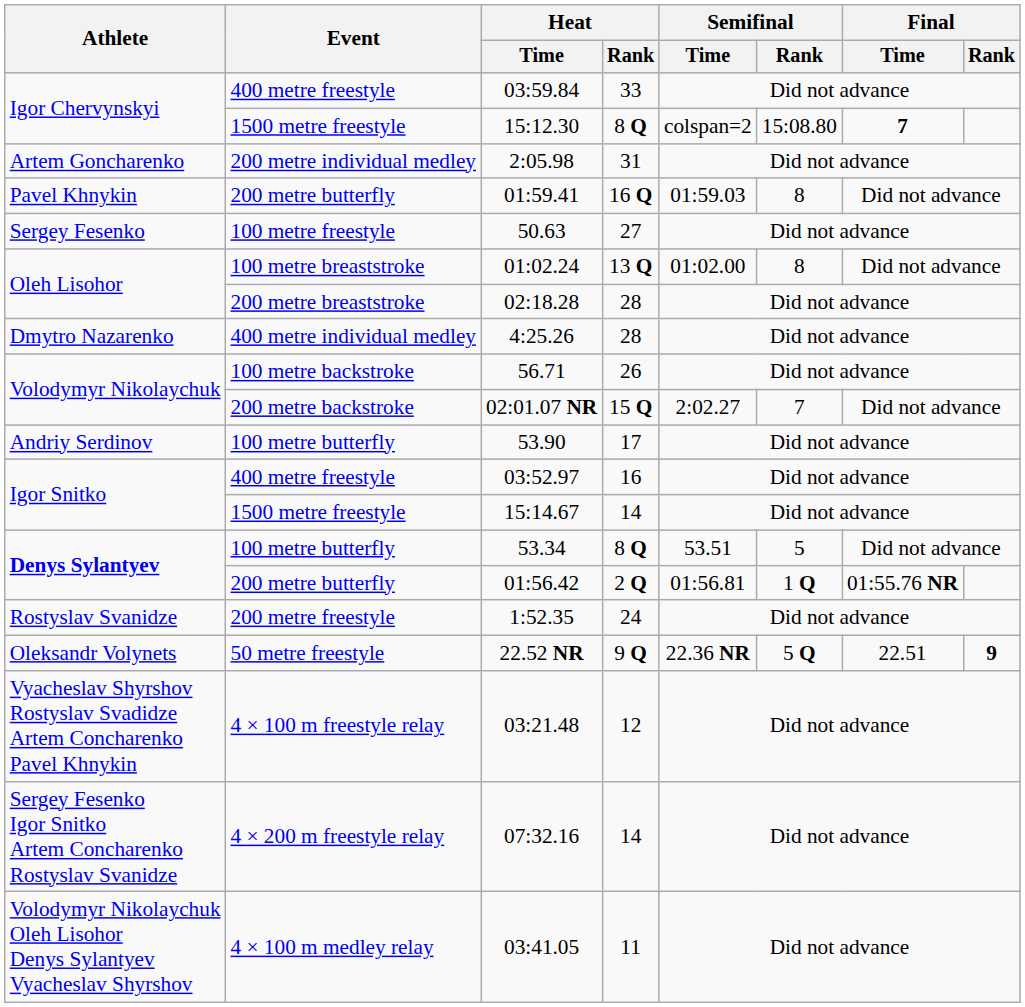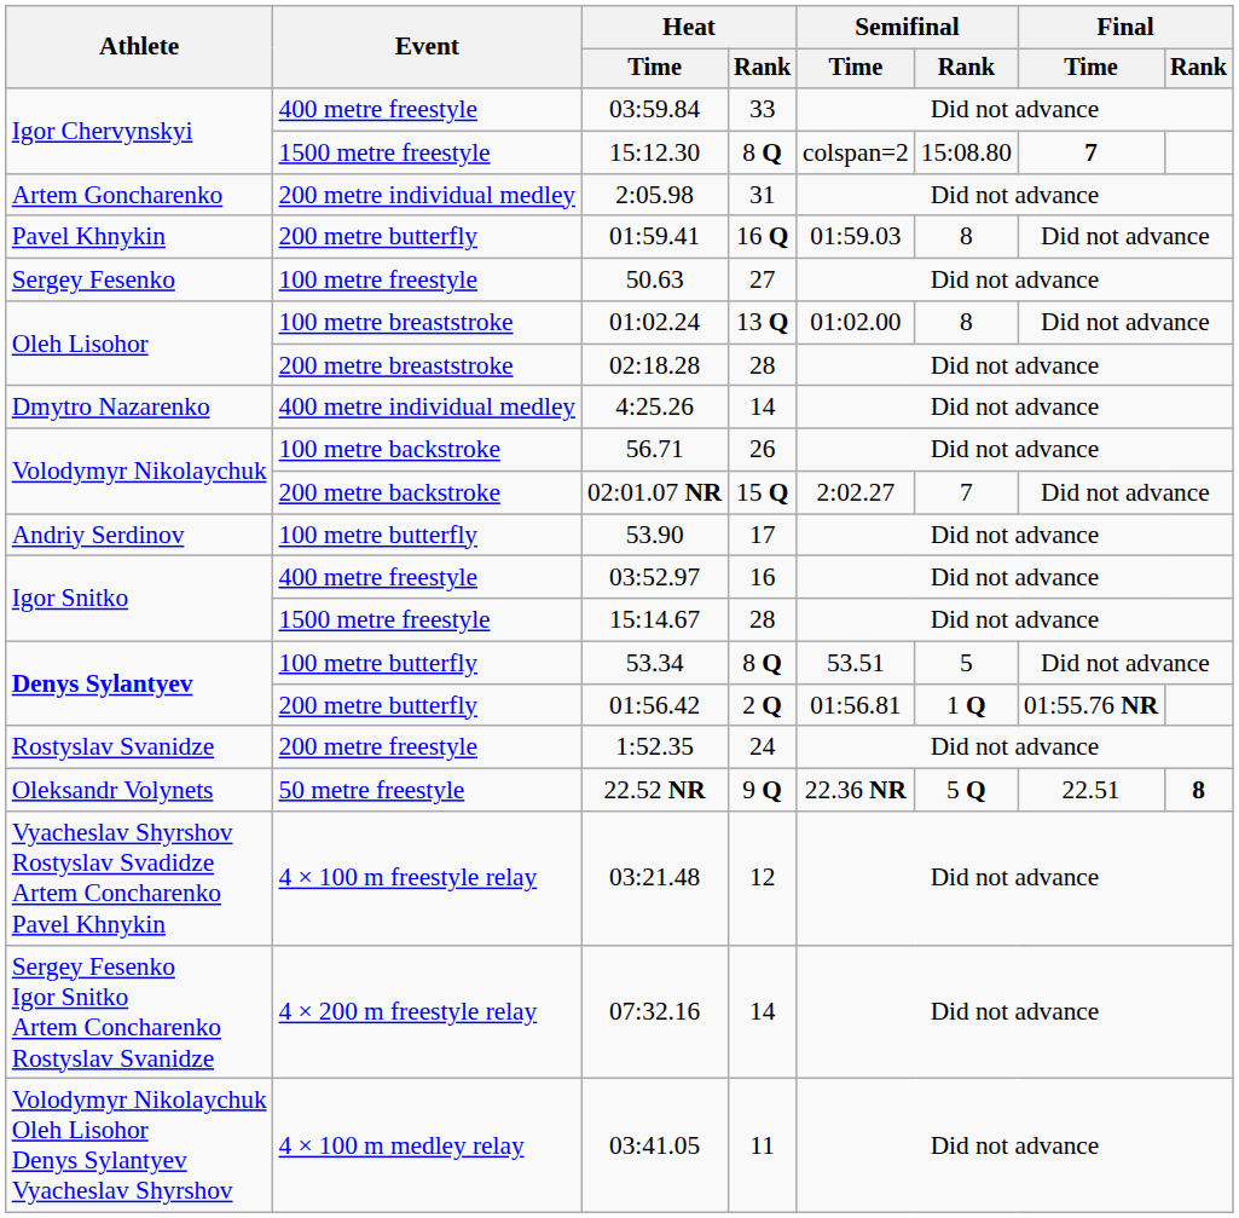 <table class=wikitable style="font-size:90%">
 <tr>
 <th rowspan="2">Athlete</th>
 <th rowspan="2">Event</th>
 <th colspan="2">Heat</th>
 <th colspan="2">Semifinal</th>
 <th colspan="2">Final</th>
 </tr>
 <tr style="font-size:95%">
 <th>Time</th>
 <th>Rank</th>
 <th>Time</th>
 <th>Rank</th>
 <th>Time</th>
 <th>Rank</th>
 </tr>
 <tr align=center>
 <td align=left rowspan=2><a href='#'>Igor Chervynskyi</a></td>
 <td align=left><a href='#'>400 metre freestyle</a></td>
 <td>03:59.84</td>
 <td>33</td>
 <td colspan=4>Did not advance</td>
 </tr>
 <tr align=center>
 <td align=left><a href='#'>1500 metre freestyle</a></td>
 <td>15:12.30</td>
 <td>8 <strong>Q</strong></td>
 <td>colspan=2 </td>
 <td>15:08.80</td>
 <td><strong>7</strong></td>
 </tr>
 <tr align=center>
 <td align=left><a href='#'>Artem Goncharenko</a></td>
 <td align=left><a href='#'>200 metre individual medley</a></td>
 <td>2:05.98</td>
 <td>31</td>
 <td colspan=4>Did not advance</td>
 </tr>
 <tr align=center>
 <td align=left><a href='#'>Pavel Khnykin</a></td>
 <td align=left><a href='#'>200 metre butterfly</a></td>
 <td>01:59.41</td>
 <td>16 <strong>Q</strong></td>
 <td>01:59.03</td>
 <td>8</td>
 <td colspan=2>Did not advance</td>
 </tr>
 <tr align=center>
 <td align=left><a href='#'>Sergey Fesenko</a></td>
 <td align=left><a href='#'>100 metre freestyle</a></td>
 <td>50.63</td>
 <td>27</td>
 <td colspan=4>Did not advance</td>
 </tr>
 <tr align=center>
 <td align=left rowspan=2><a href='#'>Oleh Lisohor</a></td>
 <td align=left><a href='#'>100 metre breaststroke</a></td>
 <td>01:02.24</td>
 <td>13 <strong>Q</strong></td>
 <td>01:02.00</td>
 <td>8</td>
 <td colspan=2>Did not advance</td>
 </tr>
 <tr align=center>
 <td align=left><a href='#'>200 metre breaststroke</a></td>
 <td>02:18.28</td>
 <td>28</td>
 <td colspan=4>Did not advance</td>
 </tr>
 <tr align=center>
 <td align=left><a href='#'>Dmytro Nazarenko</a></td>
 <td align=left><a href='#'>400 metre individual medley</a></td>
 <td>4:25.26</td>
-<td>28</td>
+<td>14</td>
 <td colspan=4>Did not advance</td>
 </tr>
 <tr align=center>
 <td align=left rowspan=2><a href='#'>Volodymyr Nikolaychuk</a></td>
 <td align=left><a href='#'>100 metre backstroke</a></td>
 <td>56.71</td>
 <td>26</td>
 <td colspan=4>Did not advance</td>
 </tr>
 <tr align=center>
 <td align=left><a href='#'>200 metre backstroke</a></td>
 <td>02:01.07 <strong>NR</strong></td>
 <td>15 <strong>Q</strong></td>
 <td>2:02.27</td>
 <td>7</td>
 <td colspan=4>Did not advance</td>
 </tr>
 <tr align=center>
 <td align=left><a href='#'>Andriy Serdinov</a></td>
 <td align=left><a href='#'>100 metre butterfly</a></td>
 <td>53.90</td>
 <td>17</td>
 <td colspan=4>Did not advance</td>
 </tr>
 <tr align=center>
 <td align=left rowspan=2><a href='#'>Igor Snitko</a></td>
 <td align=left><a href='#'>400 metre freestyle</a></td>
 <td>03:52.97</td>
 <td>16</td>
 <td colspan=4>Did not advance</td>
 </tr>
 <tr align=center>
 <td align=left><a href='#'>1500 metre freestyle</a></td>
 <td>15:14.67</td>
-<td>14</td>
+<td>28</td>
 <td colspan=4>Did not advance</td>
 </tr>
 <tr align=center>
 <td align=left rowspan=2><strong><a href='#'>Denys Sylantyev</a></strong></td>
 <td align=left><a href='#'>100 metre butterfly</a></td>
 <td>53.34</td>
 <td>8 <strong>Q</strong></td>
 <td>53.51</td>
 <td>5</td>
 <td colspan=2>Did not advance</td>
 </tr>
 <tr align=center>
 <td align=left><a href='#'>200 metre butterfly</a></td>
 <td>01:56.42</td>
 <td>2 <strong>Q</strong></td>
 <td>01:56.81</td>
 <td>1 <strong>Q</strong></td>
 <td>01:55.76 <strong>NR</strong></td>
 <td></td>
 </tr>
 <tr align=center>
 <td align=left><a href='#'>Rostyslav Svanidze</a></td>
 <td align=left><a href='#'>200 metre freestyle</a></td>
 <td>1:52.35</td>
 <td>24</td>
 <td colspan=4>Did not advance</td>
 </tr>
 <tr align=center>
 <td align=left><a href='#'>Oleksandr Volynets</a></td>
 <td align=left><a href='#'>50 metre freestyle</a></td>
 <td>22.52 <strong>NR</strong></td>
 <td>9 <strong>Q</strong></td>
 <td>22.36 <strong>NR</strong></td>
 <td>5 <strong>Q</strong></td>
 <td>22.51</td>
-<td><strong>9</strong></td>
+<td><strong>8</strong></td>
 </tr>
 <tr align=center>
 <td align=left><a href='#'>Vyacheslav Shyrshov</a><br><a href='#'>Rostyslav Svadidze</a><br><a href='#'>Artem Concharenko</a><br><a href='#'>Pavel Khnykin</a></td>
 <td align=left><a href='#'>4 × 100 m freestyle relay</a></td>
 <td>03:21.48</td>
 <td>12</td>
 <td colspan=4>Did not advance</td>
 </tr>
 <tr align=center>
 <td align=left><a href='#'>Sergey Fesenko</a><br><a href='#'>Igor Snitko</a><br><a href='#'>Artem Concharenko</a><br><a href='#'>Rostyslav Svanidze</a></td>
 <td align=left><a href='#'>4 × 200 m freestyle relay</a></td>
 <td>07:32.16</td>
 <td>14</td>
 <td colspan=4>Did not advance</td>
 </tr>
 <tr align=center>
 <td align=left><a href='#'>Volodymyr Nikolaychuk</a><br><a href='#'>Oleh Lisohor</a><br><a href='#'>Denys Sylantyev</a><br><a href='#'>Vyacheslav Shyrshov</a></td>
 <td align=left><a href='#'>4 × 100 m medley relay</a></td>
 <td>03:41.05</td>
 <td>11</td>
 <td colspan=4>Did not advance</td>
 </tr>
 </table>
